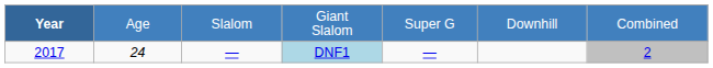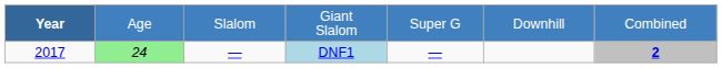 <table class="wikitable" style="font-size:95%; text-align:center; border:grey solid 1px; border-collapse:collapse;" width="50%">
 <tr style="background-color:#369; color:white;">
 <td rowspan="2" colspan="1" width="5%"><strong>Year</strong></td>
 </tr>
 <tr style="background-color:#4180be; color:white;">
 <td width="5%">Age</td>
 <td width="5%">Slalom</td>
 <td width="5%">Giant<br>Slalom</td>
 <td width="5%">Super G</td>
 <td width="5%">Downhill</td>
 <td width="5%">Combined</td>
 </tr>
 <tr style="background-color:#8CB2D8; color:white;">
 </tr>
 <tr>
 <td><a href='#'>2017</a></td>
-<td><em>24</em></td>
+<td style="background: lightgreen;"><em>24</em></td>
 <td><a href='#'>—</a></td>
 <td style="background: lightblue;"><a href='#'>DNF1</a></td>
 <td><a href='#'>—</a></td>
 <td></td>
-<td bgcolor=silver><a href='#'>2</a></td>
+<td bgcolor=silver><strong><a href='#'>2</a></strong></td>
 </tr>
 </table>
